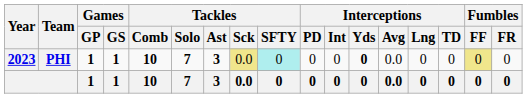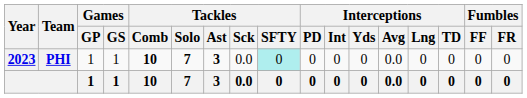 <table class=wikitable style="text-align:center;">
 <tr>
 <th rowspan="2">Year</th>
 <th rowspan="2">Team</th>
 <th colspan="2">Games</th>
 <th colspan="5">Tackles</th>
 <th colspan="6">Interceptions</th>
 <th colspan="2">Fumbles</th>
 </tr>
 <tr>
 <th>GP</th>
 <th>GS</th>
 <th>Comb</th>
 <th>Solo</th>
 <th>Ast</th>
 <th>Sck</th>
 <th>SFTY</th>
 <th>PD</th>
 <th>Int</th>
 <th>Yds</th>
 <th>Avg</th>
 <th>Lng</th>
 <th>TD</th>
 <th>FF</th>
 <th>FR</th>
 </tr>
 <tr>
 <th><a href='#'>2023</a></th>
 <th><a href='#'>PHI</a></th>
-<td><strong>1</strong></td>
-<td><strong>1</strong></td>
+<td>1</td>
+<td>1</td>
 <td><strong>10</strong></td>
 <td><strong>7</strong></td>
 <td><strong>3</strong></td>
-<td style="background: khaki;">0.0</td>
+<td>0.0</td>
 <td style="background: paleturquoise;">0</td>
 <td>0</td>
 <td>0</td>
-<td><strong>0</strong></td>
+<td>0</td>
 <td>0.0</td>
 <td>0</td>
 <td>0</td>
-<td style="background: khaki;">0</td>
+<td>0</td>
 <td>0</td>
 </tr>
 <tr>
 <th colspan="2"></th>
 <th>1</th>
 <th>1</th>
 <th>10</th>
 <th>7</th>
 <th>3</th>
 <th>0.0</th>
 <th>0</th>
 <th>0</th>
 <th>0</th>
 <th>0</th>
 <th>0.0</th>
 <th>0</th>
 <th>0</th>
 <th>0</th>
 <th>0</th>
 </tr>
 </table>
